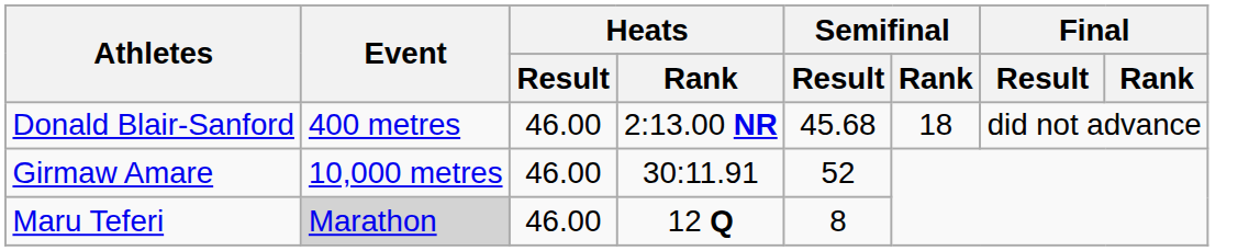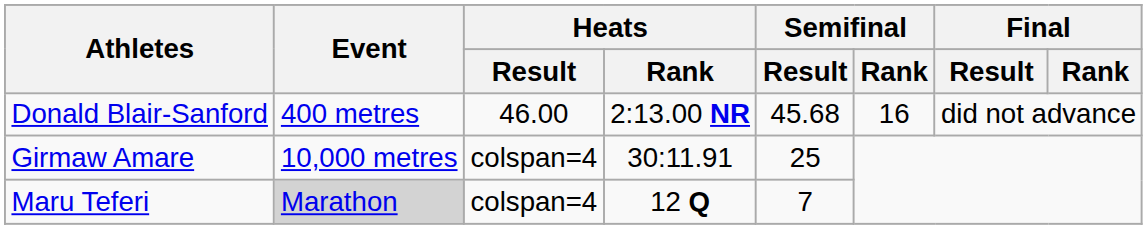 <table class="wikitable" border="1" style="font-size:90%">
 <tr>
 <th rowspan="2">Athletes</th>
 <th rowspan="2">Event</th>
 <th colspan="2">Heats</th>
 <th colspan="2">Semifinal</th>
 <th colspan="2">Final</th>
 </tr>
 <tr>
 <th>Result</th>
 <th>Rank</th>
 <th>Result</th>
 <th>Rank</th>
 <th>Result</th>
 <th>Rank</th>
 </tr>
 <tr>
 <td><a href='#'>Donald Blair-Sanford</a></td>
 <td><a href='#'>400 metres</a></td>
 <td align=center>46.00</td>
 <td align=center>2:13.00 <strong><a href='#'>NR</a></strong></td>
 <td align=center>45.68</td>
-<td align=center>18</td>
+<td align=center>16</td>
 <td align=center colspan=2>did not advance</td>
 </tr>
 <tr>
 <td><a href='#'>Girmaw Amare</a></td>
 <td><a href='#'>10,000 metres</a></td>
-<td align=center>46.00</td>
+<td>colspan=4</td>
 <td align=center>30:11.91</td>
-<td align=center>52</td>
+<td align=center>25</td>
 </tr>
 <tr>
 <td><a href='#'>Maru Teferi</a></td>
 <td style="background: lightgrey;"><a href='#'>Marathon</a></td>
-<td align=center>46.00</td>
+<td>colspan=4</td>
 <td align=center>12 <strong>Q</strong></td>
-<td align=center>8</td>
+<td align=center>7</td>
 </tr>
 </table>
